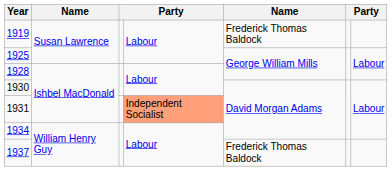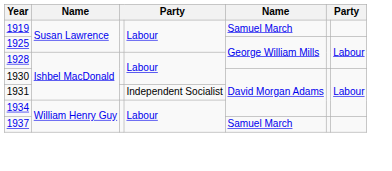 <table class="wikitable">
 <tr>
 <th>Year</th>
 <th>Name</th>
 <th colspan=2>Party</th>
 <th>Name</th>
 <th colspan=2>Party</th>
 </tr>
 <tr>
 <td><a href='#'>1919</a></td>
 <td rowspan=2><a href='#'>Susan Lawrence</a></td>
 <td rowspan=2 style="background-color: "></td>
 <td rowspan=2><a href='#'>Labour</a></td>
-<td>Frederick Thomas Baldock</td>
+<td><a href='#'>Samuel March</a></td>
 <td></td>
 </tr>
 <tr>
 <td><a href='#'>1925</a></td>
 <td rowspan=2><a href='#'>George William Mills</a></td>
 <td rowspan=2 style="background-color: "></td>
 <td rowspan=2><a href='#'>Labour</a></td>
 </tr>
 <tr>
 <td><a href='#'>1928</a></td>
 <td rowspan=3><a href='#'>Ishbel MacDonald</a></td>
 <td rowspan=2 style="background-color: "></td>
 <td rowspan=2><a href='#'>Labour</a></td>
 </tr>
 <tr>
 <td>1930</td>
 <td rowspan=3><a href='#'>David Morgan Adams</a></td>
 <td rowspan=3 style="background-color: "></td>
 <td rowspan=3><a href='#'>Labour</a></td>
 </tr>
 <tr>
 <td>1931</td>
 <td></td>
-<td style="background: lightsalmon;">Independent Socialist</td>
+<td>Independent Socialist</td>
 </tr>
 <tr>
 <td><a href='#'>1934</a></td>
 <td rowspan=2><a href='#'>William Henry Guy</a></td>
 <td rowspan=2 style="background-color: "></td>
 <td rowspan=2><a href='#'>Labour</a></td>
 </tr>
 <tr>
 <td><a href='#'>1937</a></td>
-<td>Frederick Thomas Baldock</td>
+<td><a href='#'>Samuel March</a></td>
 <td></td>
 </tr>
 </table>
